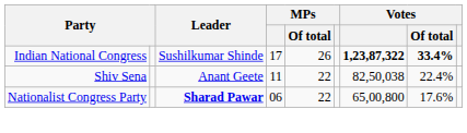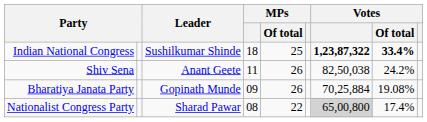 <table class="wikitable sortable" style="text-align:right;">
 <tr>
 <th colspan="2" rowspan="2">Party</th>
 <th rowspan="2">Leader</th>
 <th colspan="3">MPs</th>
 <th colspan="3">Votes</th>
 </tr>
 <tr>
 <th></th>
 <th>Of total</th>
 <th class="unsortable"></th>
 <th></th>
 <th>Of total</th>
 <th class="unsortable"></th>
 </tr>
 <tr>
 <td><a href='#'>Indian National Congress</a></td>
 <td></td>
 <td><a href='#'>Sushilkumar Shinde</a></td>
-<td>17</td>
-<td>26</td>
+<td>18</td>
+<td>25</td>
 <td></td>
 <td><strong>1,23,87,322</strong></td>
 <td><strong>33.4%</strong></td>
 <td></td>
 </tr>
 <tr>
 <td><a href='#'>Shiv Sena</a></td>
 <td style="background-color: "></td>
 <td><a href='#'>Anant Geete</a></td>
 <td>11</td>
-<td>22</td>
+<td>26</td>
 <td></td>
 <td>82,50,038</td>
-<td>22.4%</td>
+<td>24.2%</td>
+<td></td>
+</tr>
+<tr>
+<td><a href='#'>Bharatiya Janata Party</a></td>
+<td style="background-color:"></td>
+<td><a href='#'>Gopinath Munde</a></td>
+<td>09</td>
+<td>26</td>
+<td></td>
+<td>70,25,884</td>
+<td>19.08%</td>
 <td></td>
 </tr>
 <tr>
 <td><a href='#'>Nationalist Congress Party</a></td>
 <td></td>
-<td><strong><a href='#'>Sharad Pawar</a></strong></td>
-<td>06</td>
+<td><a href='#'>Sharad Pawar</a></td>
+<td>08</td>
 <td>22</td>
 <td></td>
-<td>65,00,800</td>
-<td>17.6%</td>
+<td style="background: lightgrey;">65,00,800</td>
+<td>17.4%</td>
 <td></td>
 </tr>
 </table>
